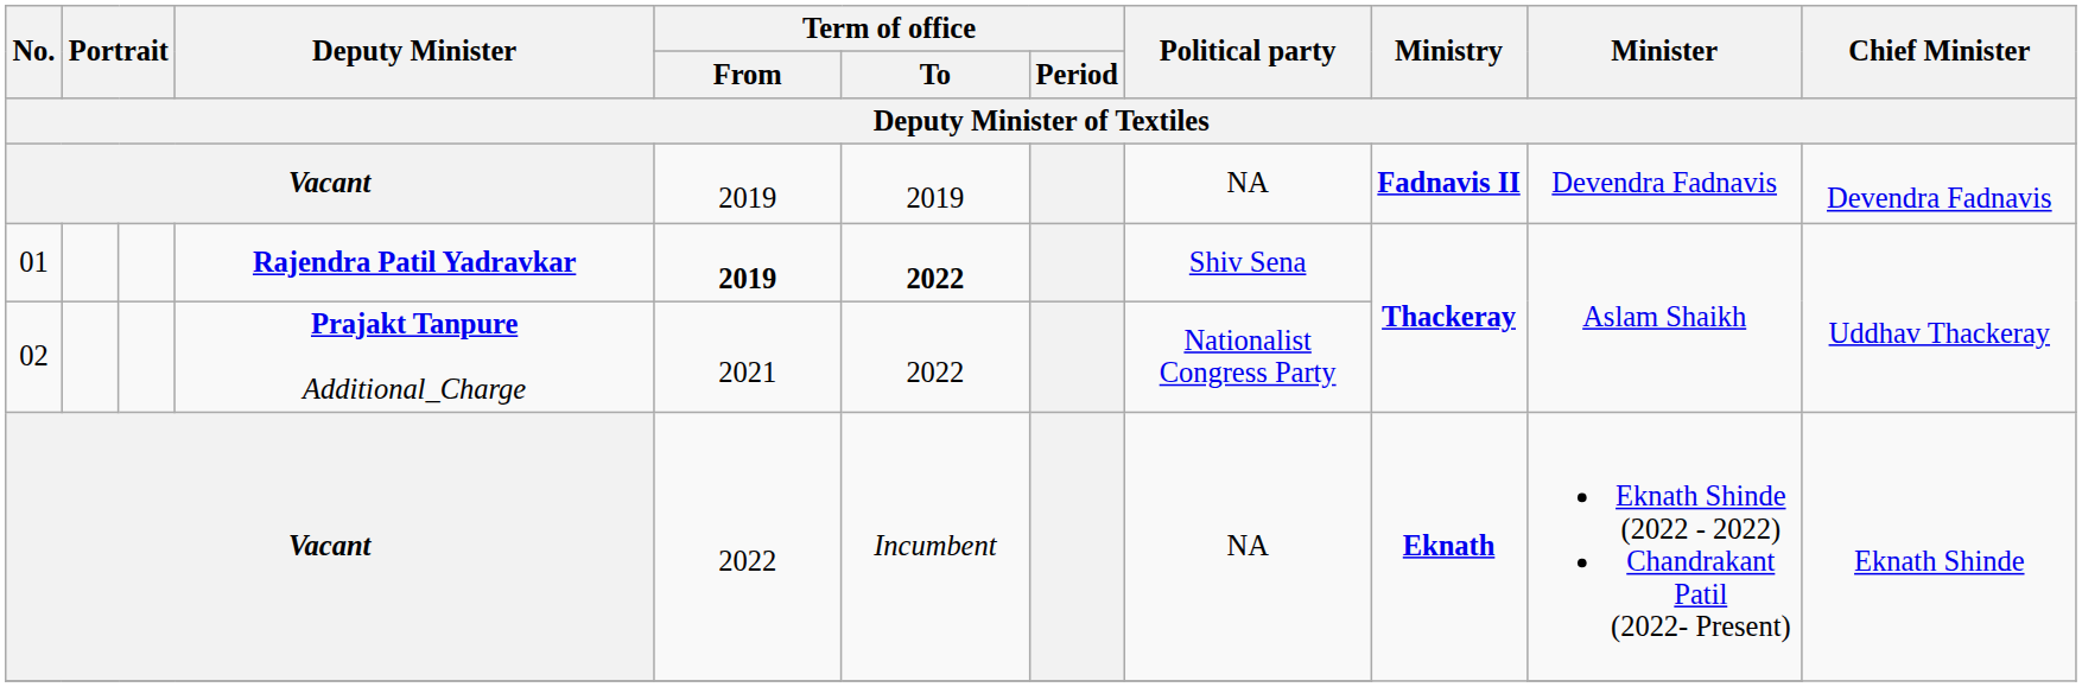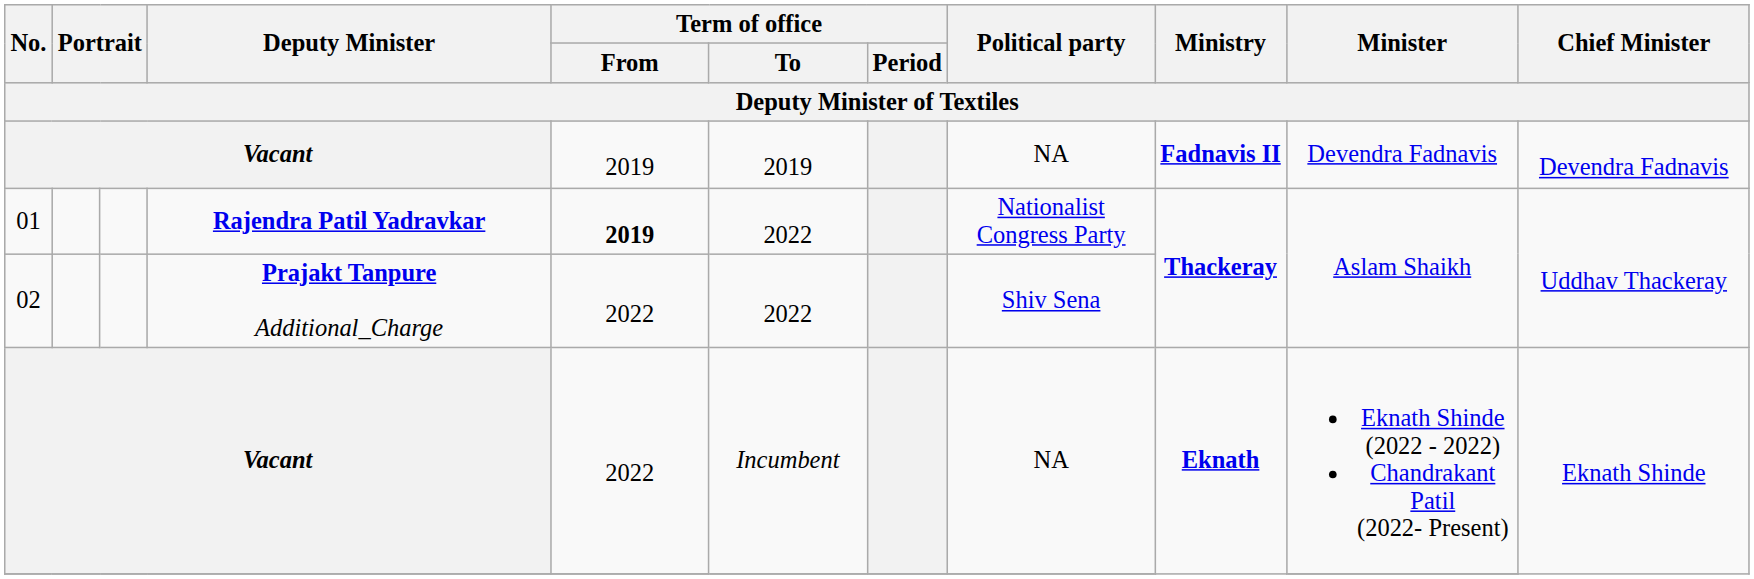 <table class="wikitable" style="text-align:center">
 <tr>
 <th rowspan="2">No.</th>
 <th rowspan="2" colspan="2">Portrait</th>
 <th rowspan="2" style="width:16em">Deputy Minister<br></th>
 <th colspan="3">Term of office</th>
 <th rowspan="2" style="width:8em">Political party</th>
 <th rowspan="2">Ministry</th>
 <th rowspan="2" style="width:9em">Minister</th>
 <th rowspan="2" style="width:9em">Chief Minister</th>
 </tr>
 <tr>
 <th style="width:6em">From</th>
 <th style="width:6em">To</th>
 <th>Period</th>
 </tr>
 <tr>
 <th colspan="11">Deputy Minister of Textiles</th>
 </tr>
 <tr>
 <th colspan="04"><strong><em> Vacant</em></strong></th>
 <td><br>2019</td>
 <td><br>2019</td>
 <th></th>
 <td>NA</td>
 <td rowspan="1"><a href='#'><strong>Fadnavis II</strong></a></td>
 <td><a href='#'>Devendra Fadnavis</a></td>
 <td rowspan="1"> <br><a href='#'>Devendra Fadnavis</a></td>
 </tr>
 <tr>
 <td>01</td>
 <td style="color:inherit;background:"></td>
 <td></td>
 <td><strong><a href='#'>Rajendra Patil Yadravkar</a></strong> <br> </td>
 <td><strong><br>2019</strong></td>
-<td><strong><br>2022</strong></td>
+<td><br>2022</td>
 <th></th>
-<td><a href='#'>Shiv Sena</a></td>
+<td><a href='#'>Nationalist Congress Party</a></td>
 <td rowspan="2"><a href='#'><strong>Thackeray</strong></a></td>
 <td rowspan="2"><a href='#'>Aslam Shaikh</a></td>
 <td rowspan="2"> <br><a href='#'>Uddhav Thackeray</a></td>
 </tr>
 <tr>
 <td>02</td>
 <td style="color:inherit;background:"></td>
 <td></td>
 <td><strong><a href='#'>Prajakt Tanpure</a></strong> <br> <br><em>Additional_Charge</em></td>
-<td><br>2021</td>
+<td><br>2022</td>
 <td><br>2022</td>
 <th></th>
-<td><a href='#'>Nationalist Congress Party</a></td>
+<td><a href='#'>Shiv Sena</a></td>
 </tr>
 <tr>
 <th colspan="04"><strong><em>Vacant</em></strong></th>
 <td><br>2022</td>
 <td><em>Incumbent</em></td>
 <th></th>
 <td>NA</td>
 <td rowspan="2"><a href='#'><strong>Eknath</strong></a></td>
 <td><br><ul><li><a href='#'>Eknath Shinde</a><br>(2022 - 2022)</li><li><a href='#'>Chandrakant Patil</a><br> (2022- Present)</li></ul></td>
 <td rowspan="2"> <br><a href='#'>Eknath Shinde</a></td>
 </tr>
 <tr>
 </tr>
 </table>
